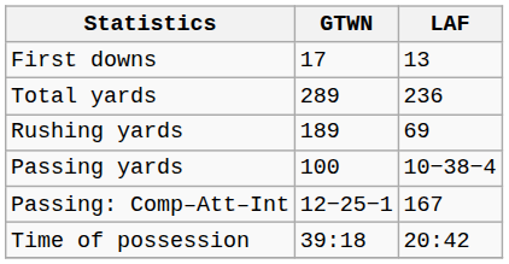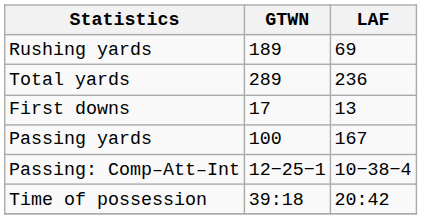 <table class="wikitable" style="float: left;">
 <tr>
 <th>Statistics</th>
 <th>GTWN</th>
 <th>LAF</th>
 </tr>
 <tr>
-<td>First downs</td>
-<td>17</td>
-<td>13</td>
+<td>Rushing yards</td>
+<td>189</td>
+<td>69</td>
 </tr>
 <tr>
 <td>Total yards</td>
 <td>289</td>
 <td>236</td>
 </tr>
 <tr>
-<td>Rushing yards</td>
-<td>189</td>
-<td>69</td>
+<td>First downs</td>
+<td>17</td>
+<td>13</td>
 </tr>
 <tr>
 <td>Passing yards</td>
 <td>100</td>
-<td>10−38−4</td>
+<td>167</td>
 </tr>
 <tr>
 <td>Passing: Comp–Att–Int</td>
 <td>12−25−1</td>
-<td>167</td>
+<td>10−38−4</td>
 </tr>
 <tr>
 <td>Time of possession</td>
 <td>39:18</td>
 <td>20:42</td>
 </tr>
 <tr>
 </tr>
 </table>
